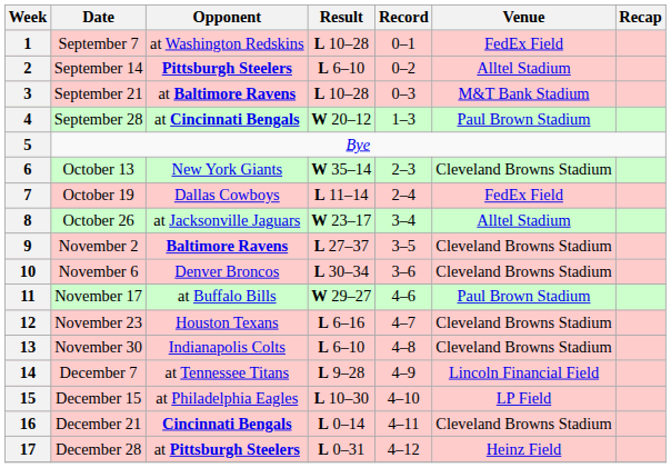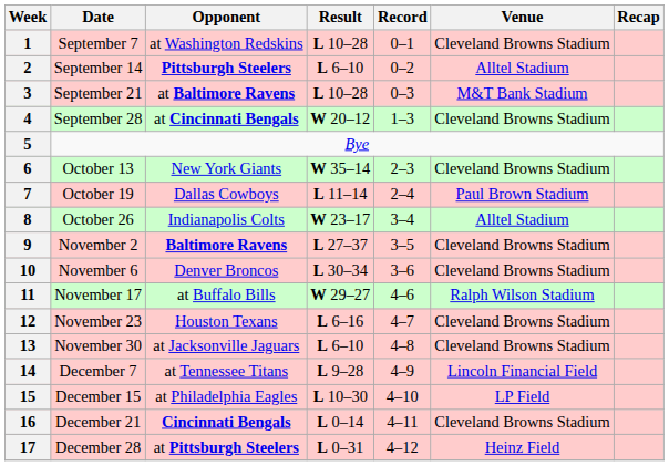 <table class="wikitable" style="text-align:center">
 <tr>
 <th>Week</th>
 <th>Date</th>
 <th>Opponent</th>
 <th>Result</th>
 <th>Record</th>
 <th>Venue</th>
 <th>Recap</th>
 </tr>
 <tr style="background-color:#fcc">
 <th>1</th>
 <td>September 7</td>
 <td>at <a href='#'>Washington Redskins</a></td>
 <td><strong>L</strong> 10–28</td>
 <td>0–1</td>
-<td><a href='#'>FedEx Field</a></td>
+<td>Cleveland Browns Stadium</td>
 <td></td>
 </tr>
 <tr style="background-color:#fcc">
 <th>2</th>
 <td>September 14</td>
 <td><strong><a href='#'>Pittsburgh Steelers</a></strong></td>
 <td><strong>L</strong> 6–10</td>
 <td>0–2</td>
 <td><a href='#'>Alltel Stadium</a></td>
 <td></td>
 </tr>
 <tr style="background-color:#fcc">
 <th>3</th>
 <td>September 21</td>
 <td>at <strong><a href='#'>Baltimore Ravens</a></strong></td>
 <td><strong>L</strong> 10–28</td>
 <td>0–3</td>
 <td><a href='#'>M&T Bank Stadium</a></td>
 <td></td>
 </tr>
 <tr style="background-color:#cfc">
 <th>4</th>
 <td>September 28</td>
 <td>at <strong><a href='#'>Cincinnati Bengals</a></strong></td>
 <td><strong>W</strong> 20–12</td>
 <td>1–3</td>
-<td><a href='#'>Paul Brown Stadium</a></td>
+<td>Cleveland Browns Stadium</td>
 <td></td>
 </tr>
 <tr>
 <th>5</th>
 <td colspan="6" style="text-align:center;"><em><a href='#'>Bye</a></em></td>
 </tr>
 <tr style="background-color:#cfc">
 <th>6</th>
 <td>October 13</td>
 <td><a href='#'>New York Giants</a></td>
 <td><strong>W</strong> 35–14</td>
 <td>2–3</td>
 <td>Cleveland Browns Stadium</td>
 <td></td>
 </tr>
 <tr style="background-color:#fcc">
 <th>7</th>
 <td>October 19</td>
 <td><a href='#'>Dallas Cowboys</a></td>
 <td><strong>L</strong> 11–14</td>
 <td>2–4</td>
-<td><a href='#'>FedEx Field</a></td>
+<td><a href='#'>Paul Brown Stadium</a></td>
 <td></td>
 </tr>
 <tr style="background-color:#cfc">
 <th>8</th>
 <td>October 26</td>
-<td>at <a href='#'>Jacksonville Jaguars</a></td>
+<td><a href='#'>Indianapolis Colts</a></td>
 <td><strong>W</strong> 23–17</td>
 <td>3–4</td>
 <td><a href='#'>Alltel Stadium</a></td>
 <td></td>
 </tr>
 <tr style="background-color:#fcc">
 <th>9</th>
 <td>November 2</td>
 <td><strong><a href='#'>Baltimore Ravens</a></strong></td>
 <td><strong>L</strong> 27–37</td>
 <td>3–5</td>
 <td>Cleveland Browns Stadium</td>
 <td></td>
 </tr>
 <tr style="background-color:#fcc">
 <th>10</th>
 <td>November 6</td>
 <td><a href='#'>Denver Broncos</a></td>
 <td><strong>L</strong> 30–34</td>
 <td>3–6</td>
 <td>Cleveland Browns Stadium</td>
 <td></td>
 </tr>
 <tr style="background-color:#cfc">
 <th>11</th>
 <td>November 17</td>
 <td>at <a href='#'>Buffalo Bills</a></td>
 <td><strong>W</strong> 29–27</td>
 <td>4–6</td>
-<td><a href='#'>Paul Brown Stadium</a></td>
+<td><a href='#'>Ralph Wilson Stadium</a></td>
 <td></td>
 </tr>
 <tr style="background-color:#fcc">
 <th>12</th>
 <td>November 23</td>
 <td><a href='#'>Houston Texans</a></td>
 <td><strong>L</strong> 6–16</td>
 <td>4–7</td>
 <td>Cleveland Browns Stadium</td>
 <td></td>
 </tr>
 <tr style="background-color:#fcc">
 <th>13</th>
 <td>November 30</td>
-<td><a href='#'>Indianapolis Colts</a></td>
+<td>at <a href='#'>Jacksonville Jaguars</a></td>
 <td><strong>L</strong> 6–10</td>
 <td>4–8</td>
 <td>Cleveland Browns Stadium</td>
 <td></td>
 </tr>
 <tr style="background-color:#fcc">
 <th>14</th>
 <td>December 7</td>
 <td>at <a href='#'>Tennessee Titans</a></td>
 <td><strong>L</strong> 9–28</td>
 <td>4–9</td>
 <td><a href='#'>Lincoln Financial Field</a></td>
 <td></td>
 </tr>
 <tr style="background-color:#fcc">
 <th>15</th>
 <td>December 15</td>
 <td>at <a href='#'>Philadelphia Eagles</a></td>
 <td><strong>L</strong> 10–30</td>
 <td>4–10</td>
 <td><a href='#'>LP Field</a></td>
 <td></td>
 </tr>
 <tr style="background-color:#fcc">
 <th>16</th>
 <td>December 21</td>
 <td><strong><a href='#'>Cincinnati Bengals</a></strong></td>
 <td><strong>L</strong> 0–14</td>
 <td>4–11</td>
 <td>Cleveland Browns Stadium</td>
 <td></td>
 </tr>
 <tr style="background-color:#fcc">
 <th>17</th>
 <td>December 28</td>
 <td>at <strong><a href='#'>Pittsburgh Steelers</a></strong></td>
 <td><strong>L</strong> 0–31</td>
 <td>4–12</td>
 <td><a href='#'>Heinz Field</a></td>
 <td></td>
 </tr>
 <tr>
 </tr>
 </table>
